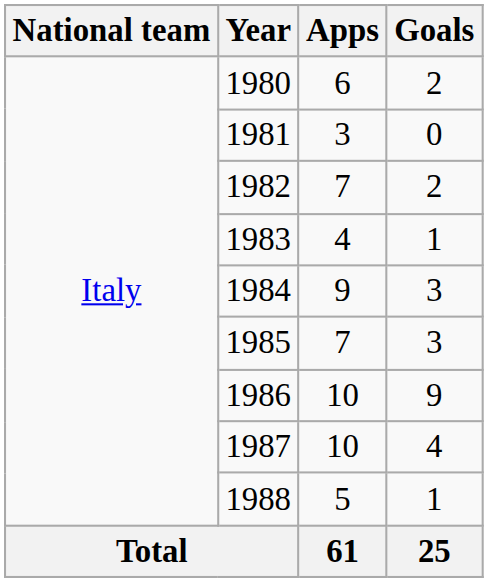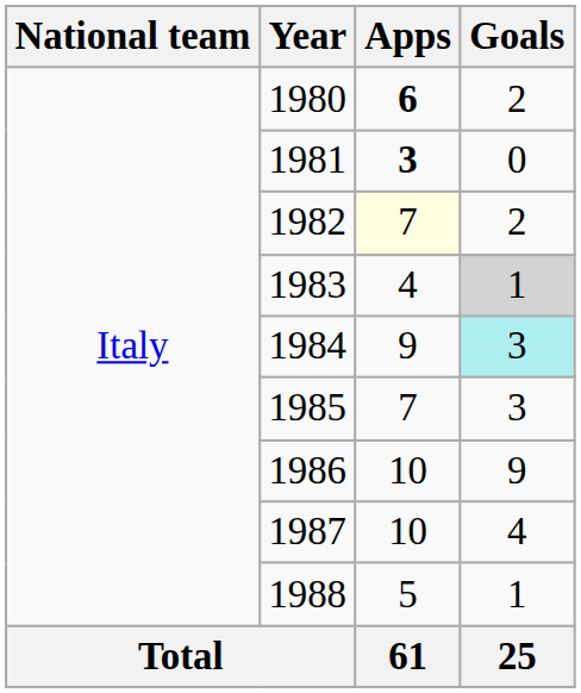 <table class="wikitable" style="text-align:center">
 <tr>
 <th>National team</th>
 <th>Year</th>
 <th>Apps</th>
 <th>Goals</th>
 </tr>
 <tr>
 <td rowspan="9"><a href='#'>Italy</a></td>
 <td>1980</td>
-<td>6</td>
+<td><strong>6</strong></td>
 <td>2</td>
 </tr>
 <tr>
 <td>1981</td>
-<td>3</td>
+<td><strong>3</strong></td>
 <td>0</td>
 </tr>
 <tr>
 <td>1982</td>
-<td>7</td>
+<td style="background: lightyellow;">7</td>
 <td>2</td>
 </tr>
 <tr>
 <td>1983</td>
 <td>4</td>
-<td>1</td>
+<td style="background: lightgrey;">1</td>
 </tr>
 <tr>
 <td>1984</td>
 <td>9</td>
-<td>3</td>
+<td style="background: paleturquoise;">3</td>
 </tr>
 <tr>
 <td>1985</td>
 <td>7</td>
 <td>3</td>
 </tr>
 <tr>
 <td>1986</td>
 <td>10</td>
 <td>9</td>
 </tr>
 <tr>
 <td>1987</td>
 <td>10</td>
 <td>4</td>
 </tr>
 <tr>
 <td>1988</td>
 <td>5</td>
 <td>1</td>
 </tr>
 <tr>
 <th colspan="2">Total</th>
 <th>61</th>
 <th>25</th>
 </tr>
 </table>
